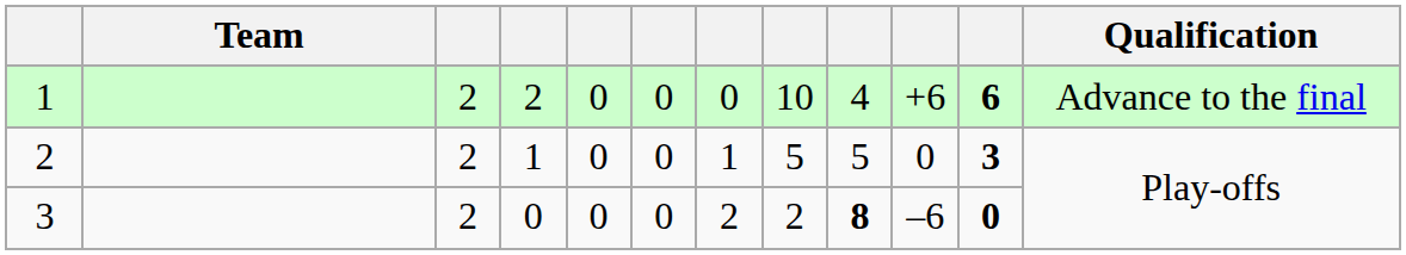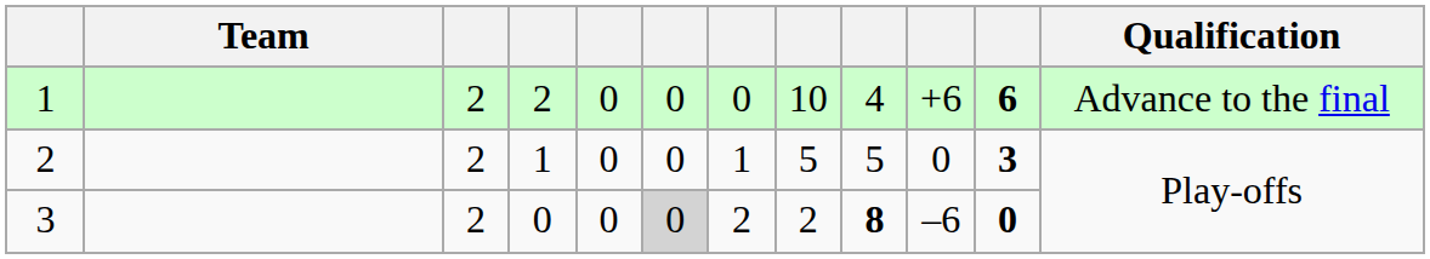 <table class="wikitable" style="text-align: center;">
 <tr>
 <th width="25"></th>
 <th width="140">Team</th>
 <th width="20"></th>
 <th width="20"></th>
 <th width="20"></th>
 <th width="20"></th>
 <th width="20"></th>
 <th width="20"></th>
 <th width="20"></th>
 <th width="20"></th>
 <th width="20"></th>
 <th width="150">Qualification</th>
 </tr>
 <tr style="background-color: #ccffcc;">
 <td>1</td>
 <td align=left></td>
 <td>2</td>
 <td>2</td>
 <td>0</td>
 <td>0</td>
 <td>0</td>
 <td>10</td>
 <td>4</td>
 <td>+6</td>
 <td><strong>6</strong></td>
 <td>Advance to the <a href='#'>final</a></td>
 </tr>
 <tr>
 <td>2</td>
 <td align=left></td>
 <td>2</td>
 <td>1</td>
 <td>0</td>
 <td>0</td>
 <td>1</td>
 <td>5</td>
 <td>5</td>
 <td>0</td>
 <td><strong>3</strong></td>
 <td rowspan="2">Play-offs</td>
 </tr>
 <tr>
 <td>3</td>
 <td align=left></td>
 <td>2</td>
 <td>0</td>
 <td>0</td>
-<td>0</td>
+<td style="background: lightgrey;">0</td>
 <td>2</td>
 <td>2</td>
 <td><strong>8</strong></td>
 <td>–6</td>
 <td><strong>0</strong></td>
 </tr>
 </table>
